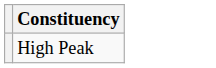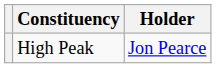 <table class="wikitable">
 <tr>
 <th></th>
 <th>Constituency</th>
+<th>Holder</th>
 </tr>
 <tr>
 <th style="background-color: "></th>
 <td>High Peak</td>
+<td><a href='#'>Jon Pearce</a></td>
 </tr>
 </table>
